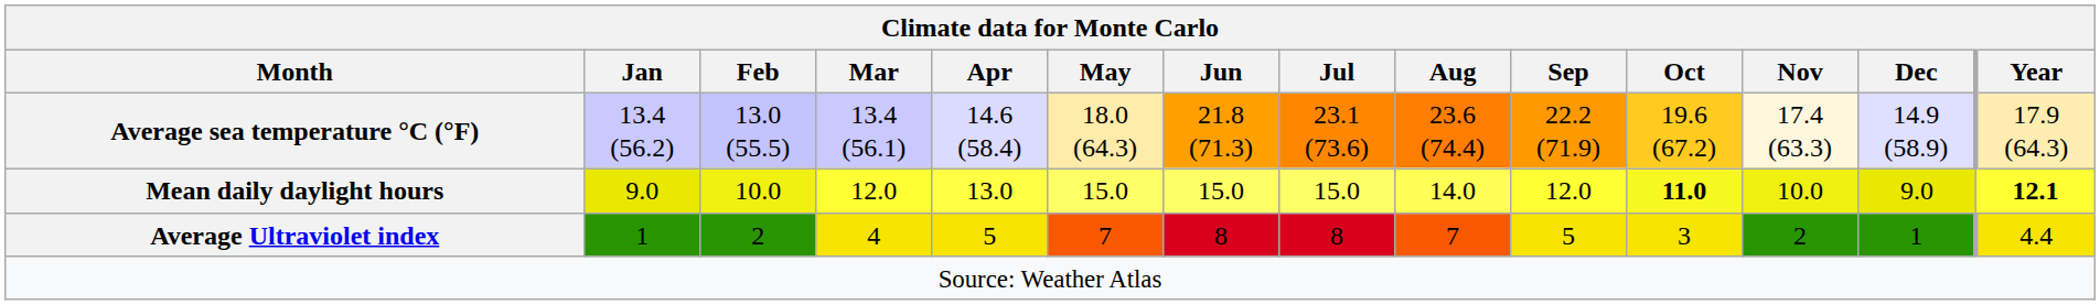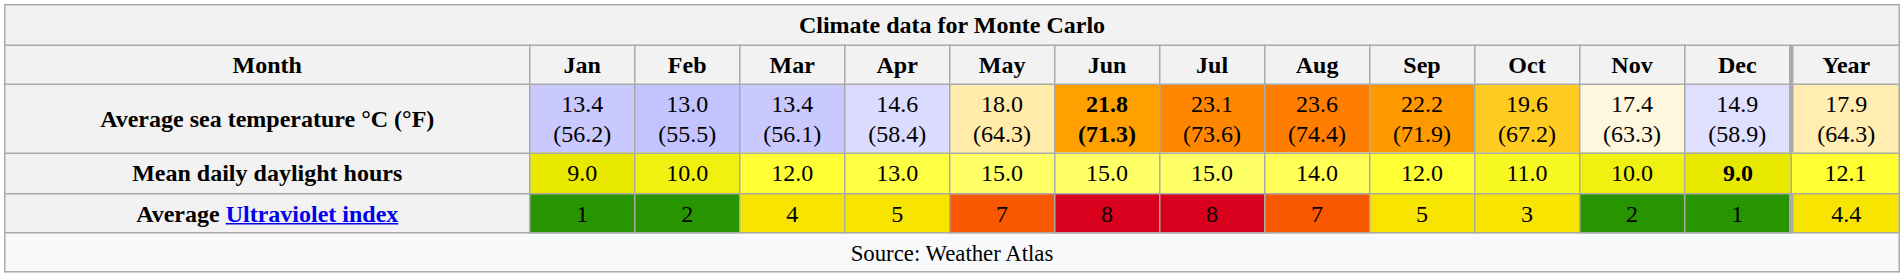 <table style="width:100%;text-align:center;line-height:1.2em;margin-left:auto;margin-right:auto" class="wikitable mw-collapsible">
 <tr>
 <th Colspan=14>Climate data for Monte Carlo</th>
 </tr>
 <tr>
 <th>Month</th>
 <th>Jan</th>
 <th>Feb</th>
 <th>Mar</th>
 <th>Apr</th>
 <th>May</th>
 <th>Jun</th>
 <th>Jul</th>
 <th>Aug</th>
 <th>Sep</th>
 <th>Oct</th>
 <th>Nov</th>
 <th>Dec</th>
 <th style="border-left-width:medium">Year</th>
 </tr>
 <tr>
 <th>Average sea temperature °C (°F)</th>
 <td style="background:#C9C9FF;color:#000000;">13.4<br>(56.2)</td>
 <td style="background:#C3C3FF;color:#000000;">13.0<br>(55.5)</td>
 <td style="background:#C9C9FF;color:#000000;">13.4<br>(56.1)</td>
 <td style="background:#DBDBFF;color:#000000;">14.6<br>(58.4)</td>
 <td style="background:#FFEBAA;color:#000000;">18.0<br>(64.3)</td>
-<td style="background:#FFA000;color:#000000;">21.8<br>(71.3)</td>
+<td style="background:#FFA000;color:#000000;"><strong>21.8<br>(71.3)</strong></td>
 <td style="background:#FF8700;color:#000000;">23.1<br>(73.6)</td>
 <td style="background:#FF7D00;color:#000000;">23.6<br>(74.4)</td>
 <td style="background:#FF9900;color:#000000;">22.2<br>(71.9)</td>
 <td style="background:#FFCB21;color:#000000;">19.6<br>(67.2)</td>
 <td style="background:#FFF7DD;color:#000000;">17.4<br>(63.3)</td>
 <td style="background:#DFDFFF;color:#000000;">14.9<br>(58.9)</td>
 <td style="background:#FFEDB1;color:#000000;border-left-width:medium">17.9<br>(64.3)</td>
 </tr>
 <tr>
 <th>Mean daily daylight hours</th>
 <td style="background:#E9E900;color:#000000;">9.0</td>
 <td style="background:#F0F011;color:#000000;">10.0</td>
 <td style="background:#FFFF33;color:#000000;">12.0</td>
 <td style="background:#FFFF44;color:#000000;">13.0</td>
 <td style="background:#FFFF66;color:#000000;">15.0</td>
 <td style="background:#FFFF66;color:#000000;">15.0</td>
 <td style="background:#FFFF66;color:#000000;">15.0</td>
 <td style="background:#FFFF55;color:#000000;">14.0</td>
 <td style="background:#FFFF33;color:#000000;">12.0</td>
-<td style="background:#F7F722;color:#000000;"><strong>11.0</strong></td>
+<td style="background:#F7F722;color:#000000;">11.0</td>
 <td style="background:#F0F011;color:#000000;">10.0</td>
-<td style="background:#E9E900;color:#000000;">9.0</td>
-<td style="background:#FFFF34;color:#000000;"><strong>12.1</strong></td>
+<td style="background:#E9E900;color:#000000;"><strong>9.0</strong></td>
+<td style="background:#FFFF34;color:#000000;">12.1</td>
 </tr>
 <tr>
 <th>Average <a href='#'>Ultraviolet index</a></th>
 <td style="background:#289500;color:#000000;">1</td>
 <td style="background:#289500;color:#000000;">2</td>
 <td style="background:#f7e400;color:#000000;">4</td>
 <td style="background:#f7e400;color:#000000;">5</td>
 <td style="background:#f85900;color:#000000;">7</td>
 <td style="background:#d8001d;color:#000000;">8</td>
 <td style="background:#d8001d;color:#000000;">8</td>
 <td style="background:#f85900;color:#000000;">7</td>
 <td style="background:#f7e400;color:#000000;">5</td>
 <td style="background:#f7e400;color:#000000;">3</td>
 <td style="background:#289500;color:#000000;">2</td>
 <td style="background:#289500;color:#000000;">1</td>
 <td style="background:#f7e400;color:#000000;border-left-width:medium">4.4</td>
 </tr>
 <tr>
 <th Colspan=14 style="background:#f8f9fa;font-weight:normal;font-size:95%;">Source: Weather Atlas </th>
 </tr>
 </table>
